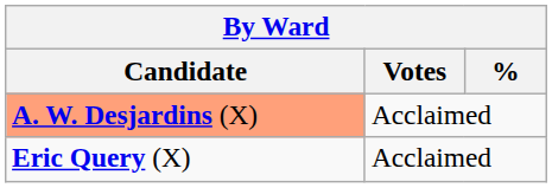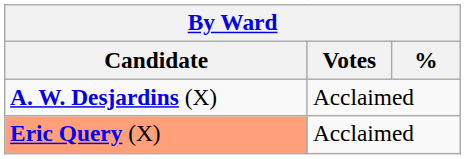 <table class="wikitable">
 <tr>
 <th colspan="3"><a href='#'>By Ward</a></th>
 </tr>
 <tr>
 <th style="width: 200px">Candidate</th>
 <th style="width: 50px">Votes</th>
 <th style="width: 40px">%</th>
 </tr>
 <tr>
-<td style="background: lightsalmon;"><strong><a href='#'>A. W. Desjardins</a></strong> (X)</td>
+<td><strong><a href='#'>A. W. Desjardins</a></strong> (X)</td>
 <td colspan="2">Acclaimed</td>
 </tr>
 <tr>
-<td><strong><a href='#'>Eric Query</a></strong> (X)</td>
+<td style="background: lightsalmon;"><strong><a href='#'>Eric Query</a></strong> (X)</td>
 <td colspan="2">Acclaimed</td>
 </tr>
 </table>
